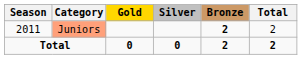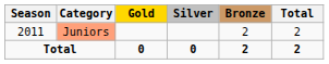 <table class="wikitable" style="text-align:center;">
 <tr>
 <th width = "55">Season</th>
 <th width = "55">Category</th>
 <th width = "55" style="background: gold;">Gold</th>
 <th width = "55" style="background: silver;">Silver</th>
 <th width = "55" style="background: #cc9966;">Bronze</th>
 <th width = "55">Total</th>
 </tr>
 <tr>
 <td>2011</td>
 <td style="background: lightsalmon;">Juniors</td>
 <td></td>
 <td></td>
-<td><strong>2</strong></td>
+<td>2</td>
 <td>2</td>
 </tr>
 <tr>
 <td colspan=2><strong>Total</strong></td>
 <td><strong>0</strong></td>
 <td><strong>0</strong></td>
 <td><strong>2</strong></td>
 <td><strong>2</strong></td>
 </tr>
 </table>
